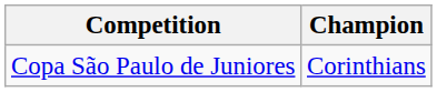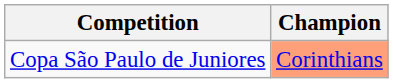 <table class="wikitable">
 <tr>
 <th>Competition</th>
 <th>Champion</th>
 </tr>
 <tr>
 <td><a href='#'>Copa São Paulo de Juniores</a></td>
-<td><a href='#'>Corinthians</a></td>
+<td style="background: lightsalmon;"><a href='#'>Corinthians</a></td>
 </tr>
 </table>
